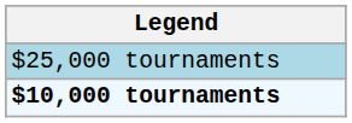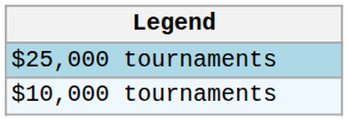 <table class="wikitable" style="font-size:87%; width:13%;">
 <tr>
 <th>Legend</th>
 </tr>
 <tr style="background:lightblue;">
 <td>$25,000 tournaments</td>
 </tr>
 <tr style="background:#f0f8ff;">
-<td><strong>$10,000 tournaments</strong></td>
+<td>$10,000 tournaments</td>
 </tr>
 </table>
